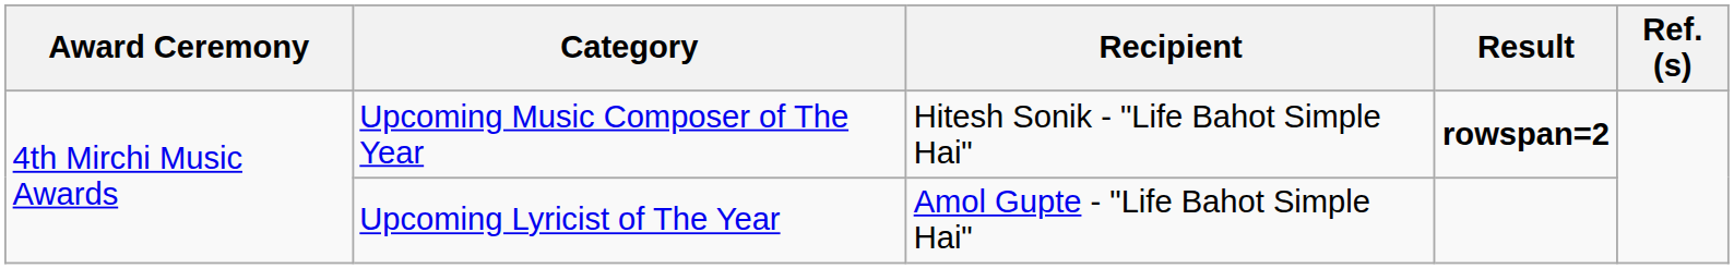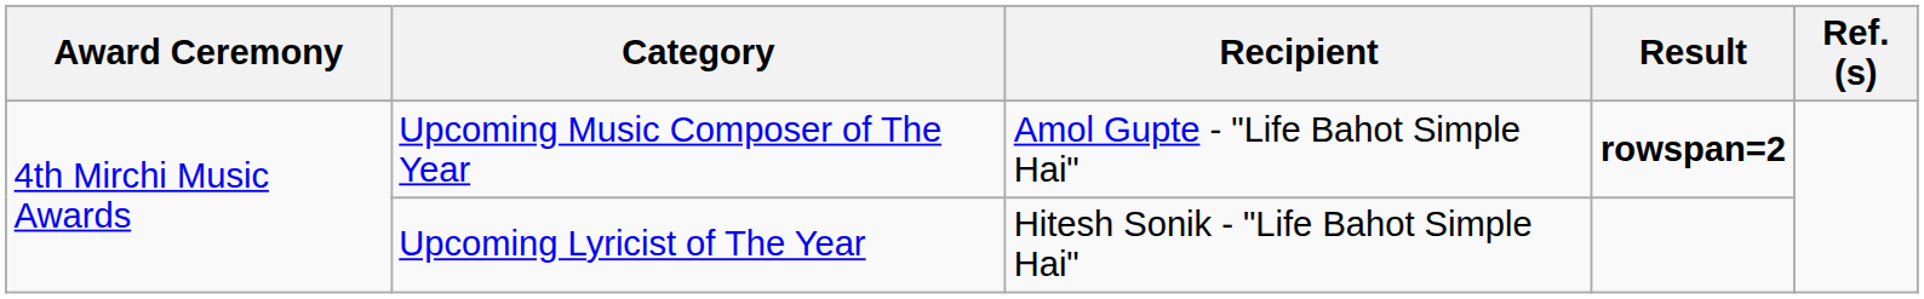 <table class="wikitable">
 <tr>
 <th>Award Ceremony</th>
 <th>Category</th>
 <th>Recipient</th>
 <th>Result</th>
 <th>Ref.(s)</th>
 </tr>
 <tr>
 <td rowspan=2><a href='#'>4th Mirchi Music Awards</a></td>
 <td><a href='#'>Upcoming Music Composer of The Year</a></td>
-<td>Hitesh Sonik - "Life Bahot Simple Hai"</td>
+<td><a href='#'>Amol Gupte</a> - "Life Bahot Simple Hai"</td>
 <td><strong>rowspan=2 </strong></td>
 <td rowspan=2></td>
 </tr>
 <tr>
 <td><a href='#'>Upcoming Lyricist of The Year</a></td>
-<td><a href='#'>Amol Gupte</a> - "Life Bahot Simple Hai"</td>
+<td>Hitesh Sonik - "Life Bahot Simple Hai"</td>
 </tr>
 </table>
